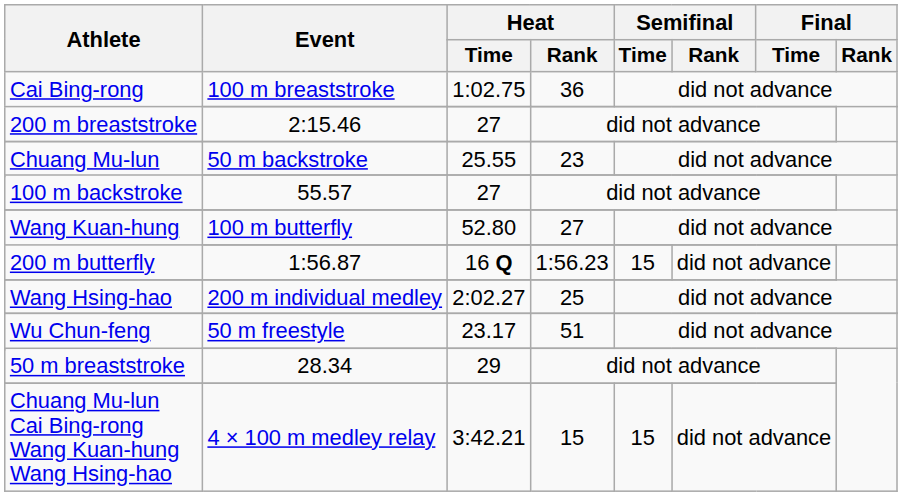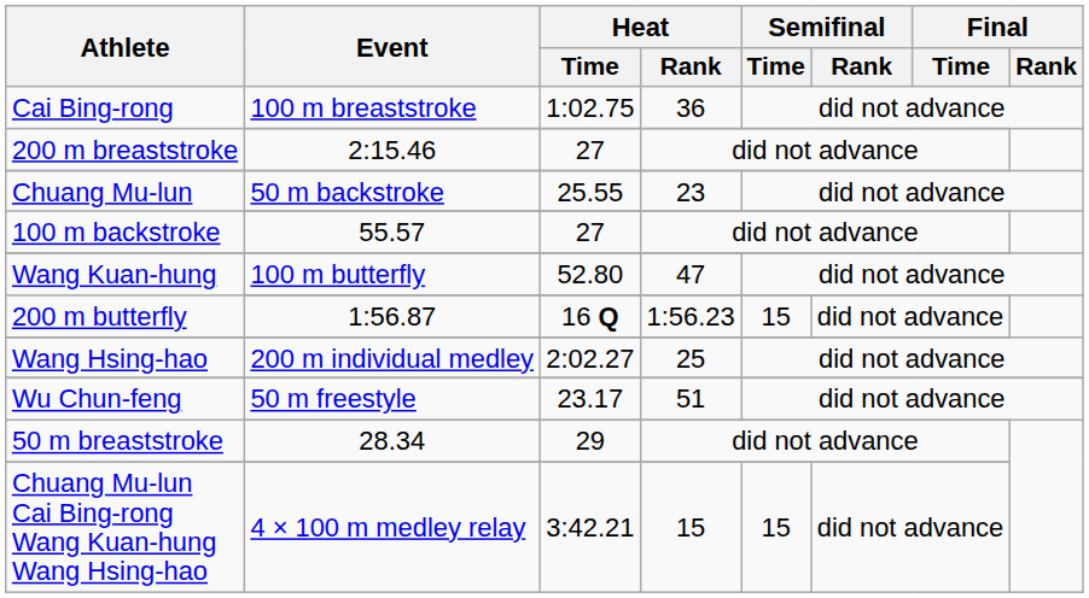 <table class=wikitable style="font-size:90%">
 <tr>
 <th rowspan="2">Athlete</th>
 <th rowspan="2">Event</th>
 <th colspan="2">Heat</th>
 <th colspan="2">Semifinal</th>
 <th colspan="2">Final</th>
 </tr>
 <tr style="font-size:95%">
 <th>Time</th>
 <th>Rank</th>
 <th>Time</th>
 <th>Rank</th>
 <th>Time</th>
 <th>Rank</th>
 </tr>
 <tr style="text-align:center">
 <td style="text-align:left" rowspan=2><a href='#'>Cai Bing-rong</a></td>
 <td style="text-align:left"><a href='#'>100 m breaststroke</a></td>
 <td>1:02.75</td>
 <td>36</td>
 <td colspan=4>did not advance</td>
 </tr>
 <tr>
 </tr>
 <tr style="text-align:center">
 <td style="text-align:left"><a href='#'>200 m breaststroke</a></td>
 <td>2:15.46</td>
 <td>27</td>
 <td colspan=4>did not advance</td>
 </tr>
 <tr>
 </tr>
 <tr style="text-align:center">
 <td style="text-align:left" rowspan=2><a href='#'>Chuang Mu-lun</a></td>
 <td style="text-align:left"><a href='#'>50 m backstroke</a></td>
 <td>25.55</td>
 <td>23</td>
 <td colspan=4>did not advance</td>
 </tr>
 <tr>
 </tr>
 <tr style="text-align:center">
 <td style="text-align:left"><a href='#'>100 m backstroke</a></td>
 <td>55.57</td>
 <td>27</td>
 <td colspan=4>did not advance</td>
 </tr>
 <tr>
 </tr>
 <tr style="text-align:center">
 <td style="text-align:left" rowspan=2><a href='#'>Wang Kuan-hung</a></td>
 <td style="text-align:left"><a href='#'>100 m butterfly</a></td>
 <td>52.80</td>
-<td>27</td>
+<td>47</td>
 <td colspan=4>did not advance</td>
 </tr>
 <tr>
 </tr>
 <tr style="text-align:center">
 <td style="text-align:left"><a href='#'>200 m butterfly</a></td>
 <td>1:56.87</td>
 <td>16 <strong>Q</strong></td>
 <td>1:56.23</td>
 <td>15</td>
 <td colspan=2>did not advance</td>
 </tr>
 <tr>
 </tr>
 <tr style="text-align:center">
 <td style="text-align:left"><a href='#'>Wang Hsing-hao</a></td>
 <td style="text-align:left"><a href='#'>200 m individual medley</a></td>
 <td>2:02.27</td>
 <td>25</td>
 <td colspan=4>did not advance</td>
 </tr>
 <tr>
 </tr>
 <tr style="text-align:center">
 <td style="text-align:left" rowspan=2><a href='#'>Wu Chun-feng</a></td>
 <td style="text-align:left"><a href='#'>50 m freestyle</a></td>
 <td>23.17</td>
 <td>51</td>
 <td colspan=4>did not advance</td>
 </tr>
 <tr>
 </tr>
 <tr style="text-align:center">
 <td style="text-align:left"><a href='#'>50 m breaststroke</a></td>
 <td>28.34</td>
 <td>29</td>
 <td colspan=4>did not advance</td>
 </tr>
 <tr>
 </tr>
 <tr style="text-align:center">
 <td style="text-align:left"><a href='#'>Chuang Mu-lun</a><br><a href='#'>Cai Bing-rong</a><br><a href='#'>Wang Kuan-hung</a><br><a href='#'>Wang Hsing-hao</a></td>
 <td style="text-align:left"><a href='#'>4 × 100 m medley relay</a></td>
 <td>3:42.21</td>
 <td>15</td>
 <td>15</td>
 <td colspan=2>did not advance</td>
 </tr>
 </table>
